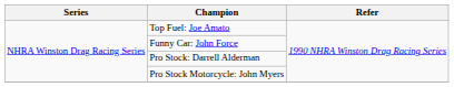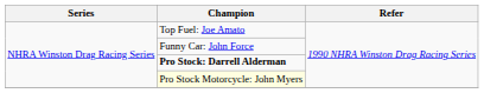 <table class="wikitable" style="font-size:87%;">
 <tr>
 <th>Series</th>
 <th>Champion</th>
 <th>Refer</th>
 </tr>
 <tr>
 <td rowspan=4><a href='#'>NHRA Winston Drag Racing Series</a></td>
 <td>Top Fuel:  <a href='#'>Joe Amato</a></td>
 <td rowspan=4><em><a href='#'>1990 NHRA Winston Drag Racing Series</a></em></td>
 </tr>
 <tr>
 <td>Funny Car:  <a href='#'>John Force</a></td>
 </tr>
 <tr>
-<td>Pro Stock:  Darrell Alderman</td>
+<td><strong>Pro Stock:  Darrell Alderman</strong></td>
 </tr>
 <tr>
-<td>Pro Stock Motorcycle:  John Myers</td>
+<td style="background: lightyellow;">Pro Stock Motorcycle:  John Myers</td>
 </tr>
 <tr>
 </tr>
 </table>
